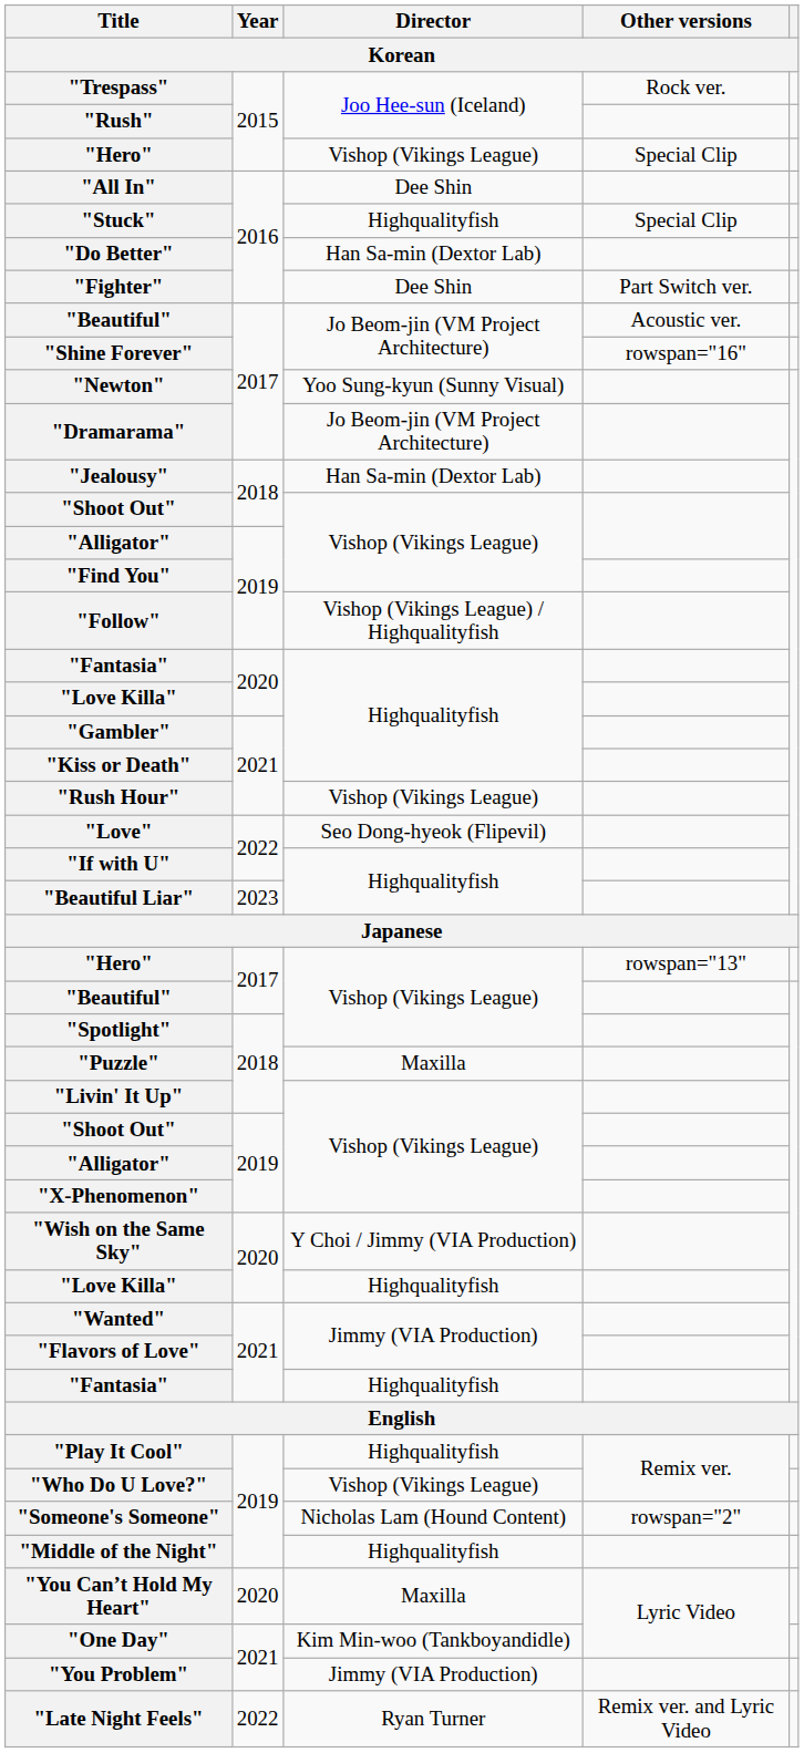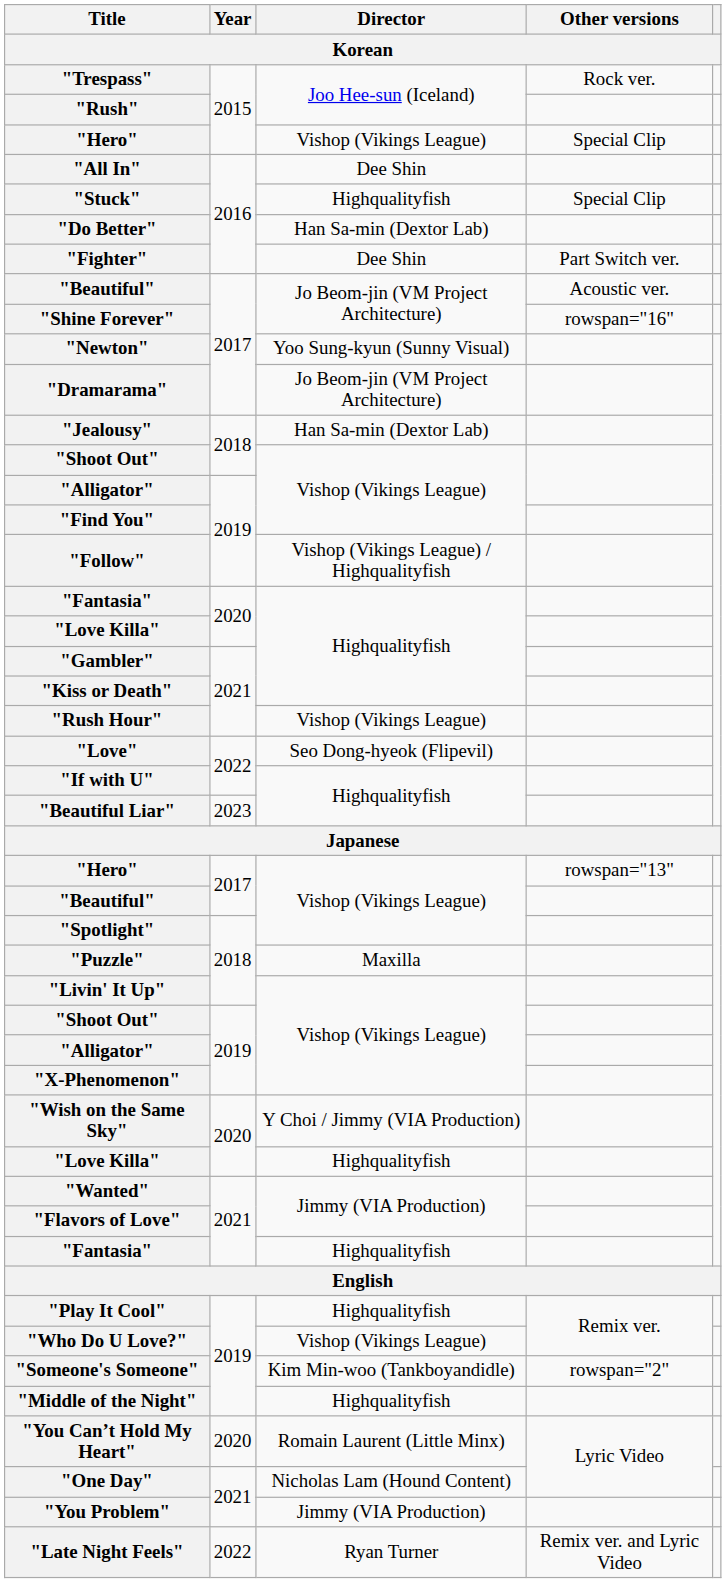 <table class="wikitable plainrowheaders" style="text-align:center;">
 <tr>
 <th scope="col">Title</th>
 <th scope="col">Year</th>
 <th scope="col">Director</th>
 <th scope="col">Other versions</th>
 <th scope="col" class="unsortable"></th>
 </tr>
 <tr>
 <th colspan="5">Korean</th>
 </tr>
 <tr>
 <th scope="row">"Trespass"</th>
 <td rowspan="3">2015</td>
 <td rowspan="2"><a href='#'>Joo Hee-sun</a> (Iceland)</td>
 <td>Rock ver.</td>
 <td></td>
 </tr>
 <tr>
 <th scope="row">"Rush"</th>
 <td></td>
 <td></td>
 </tr>
 <tr>
 <th scope="row">"Hero"</th>
 <td>Vishop (Vikings League)</td>
 <td>Special Clip</td>
 <td></td>
 </tr>
 <tr>
 <th scope="row">"All In"</th>
 <td rowspan="4">2016</td>
 <td>Dee Shin</td>
 <td></td>
 <td></td>
 </tr>
 <tr>
 <th scope="row">"Stuck"</th>
 <td>Highqualityfish</td>
 <td>Special Clip</td>
 <td></td>
 </tr>
 <tr>
 <th scope="row">"Do Better"</th>
 <td>Han Sa-min (Dextor Lab)</td>
 <td></td>
 <td></td>
 </tr>
 <tr>
 <th scope="row">"Fighter"</th>
 <td>Dee Shin</td>
 <td>Part Switch ver.</td>
 <td></td>
 </tr>
 <tr>
 <th scope="row">"Beautiful"</th>
 <td rowspan="4">2017</td>
 <td rowspan="2">Jo Beom-jin (VM Project Architecture)</td>
 <td>Acoustic ver.</td>
 <td></td>
 </tr>
 <tr>
 <th scope="row">"Shine Forever"</th>
 <td>rowspan="16" </td>
 <td></td>
 </tr>
 <tr>
 <th scope="row">"Newton"</th>
 <td>Yoo Sung-kyun (Sunny Visual)</td>
 <td></td>
 </tr>
 <tr>
 <th scope="row">"Dramarama"</th>
 <td>Jo Beom-jin (VM Project Architecture)</td>
 <td></td>
 </tr>
 <tr>
 <th scope="row">"Jealousy"</th>
 <td rowspan="2">2018</td>
 <td>Han Sa-min (Dextor Lab)</td>
 <td></td>
 </tr>
 <tr>
 <th scope="row">"Shoot Out"</th>
 <td rowspan="3">Vishop (Vikings League)</td>
 <td rowspan="2"></td>
 </tr>
 <tr>
 <th scope="row">"Alligator"</th>
 <td rowspan="3">2019</td>
 </tr>
 <tr>
 <th scope="row">"Find You"</th>
 <td></td>
 </tr>
 <tr>
 <th scope="row">"Follow"</th>
 <td>Vishop (Vikings League) / Highqualityfish</td>
 <td></td>
 </tr>
 <tr>
 <th scope="row">"Fantasia"</th>
 <td rowspan="2">2020</td>
 <td rowspan="4">Highqualityfish</td>
 <td></td>
 </tr>
 <tr>
 <th scope="row">"Love Killa"</th>
 <td></td>
 </tr>
 <tr>
 <th scope="row">"Gambler"</th>
 <td rowspan="3">2021</td>
 <td></td>
 </tr>
 <tr>
 <th scope="row">"Kiss or Death"</th>
 <td></td>
 </tr>
 <tr>
 <th scope="row">"Rush Hour"</th>
 <td>Vishop (Vikings League)</td>
 <td></td>
 </tr>
 <tr>
 <th scope="row">"Love"</th>
 <td rowspan="2">2022</td>
 <td>Seo Dong-hyeok (Flipevil)</td>
 <td></td>
 </tr>
 <tr>
 <th scope="row">"If with U"</th>
 <td rowspan="2">Highqualityfish</td>
 <td></td>
 </tr>
 <tr>
 <th scope="row">"Beautiful Liar"</th>
 <td>2023</td>
 <td></td>
 </tr>
 <tr>
 <th colspan="5">Japanese</th>
 </tr>
 <tr>
 <th scope="row">"Hero"</th>
 <td rowspan="2">2017</td>
 <td rowspan="3">Vishop (Vikings League)</td>
 <td>rowspan="13"  </td>
 <td></td>
 </tr>
 <tr>
 <th scope="row">"Beautiful"</th>
 <td></td>
 </tr>
 <tr>
 <th scope="row">"Spotlight"</th>
 <td rowspan="3">2018</td>
 <td></td>
 </tr>
 <tr>
 <th scope="row">"Puzzle"</th>
 <td>Maxilla</td>
 <td></td>
 </tr>
 <tr>
 <th scope="row">"Livin' It Up"</th>
 <td rowspan="4">Vishop (Vikings League)</td>
 <td></td>
 </tr>
 <tr>
 <th scope="row">"Shoot Out"</th>
 <td rowspan="3">2019</td>
 <td></td>
 </tr>
 <tr>
 <th scope="row">"Alligator"</th>
 <td></td>
 </tr>
 <tr>
 <th scope="row">"X-Phenomenon"</th>
 <td></td>
 </tr>
 <tr>
 <th scope="row">"Wish on the Same Sky"</th>
 <td rowspan="2">2020</td>
 <td>Y Choi / Jimmy (VIA Production)</td>
 <td></td>
 </tr>
 <tr>
 <th scope="row">"Love Killa"</th>
 <td>Highqualityfish</td>
 <td></td>
 </tr>
 <tr>
 <th scope="row">"Wanted"</th>
 <td rowspan="3">2021</td>
 <td rowspan="2">Jimmy (VIA Production)</td>
 <td></td>
 </tr>
 <tr>
 <th scope="row">"Flavors of Love"</th>
 <td></td>
 </tr>
 <tr>
 <th scope="row">"Fantasia"</th>
 <td>Highqualityfish</td>
 <td></td>
 </tr>
 <tr>
 <th colspan="5">English</th>
 </tr>
 <tr>
 <th scope="row">"Play It Cool"</th>
 <td rowspan="4">2019</td>
 <td>Highqualityfish</td>
 <td rowspan="2">Remix ver.</td>
 <td></td>
 </tr>
 <tr>
 <th scope="row">"Who Do U Love?"</th>
 <td>Vishop (Vikings League)</td>
 <td></td>
 </tr>
 <tr>
 <th scope="row">"Someone's Someone"</th>
-<td>Nicholas Lam (Hound Content)</td>
+<td>Kim Min-woo (Tankboyandidle)</td>
 <td>rowspan="2" </td>
 <td></td>
 </tr>
 <tr>
 <th scope="row">"Middle of the Night"</th>
 <td>Highqualityfish</td>
 <td></td>
 </tr>
 <tr>
 <th scope="row">"You Can’t Hold My Heart"</th>
 <td>2020</td>
-<td>Maxilla</td>
+<td>Romain Laurent (Little Minx)</td>
 <td rowspan="2">Lyric Video</td>
 <td></td>
 </tr>
 <tr>
 <th scope="row">"One Day"</th>
 <td rowspan="2">2021</td>
-<td>Kim Min-woo (Tankboyandidle)</td>
+<td>Nicholas Lam (Hound Content)</td>
 <td></td>
 </tr>
 <tr>
 <th scope="row">"You Problem"</th>
 <td>Jimmy (VIA Production)</td>
 <td></td>
 <td></td>
 </tr>
 <tr>
 <th scope="row">"Late Night Feels"</th>
 <td>2022</td>
 <td>Ryan Turner</td>
 <td>Remix ver. and Lyric Video</td>
 <td></td>
 </tr>
 </table>
